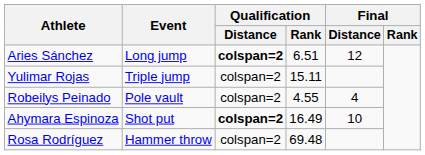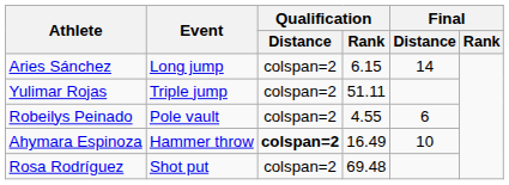 <table class=wikitable style="font-size:90%;">
 <tr>
 <th rowspan=2>Athlete</th>
 <th rowspan=2>Event</th>
 <th colspan=2>Qualification</th>
 <th colspan=2>Final</th>
 </tr>
 <tr style="font-size:95%">
 <th>Distance</th>
 <th>Rank</th>
 <th>Distance</th>
 <th>Rank</th>
 </tr>
 <tr align=center>
 <td align=left><a href='#'>Aries Sánchez</a></td>
 <td align=left><a href='#'>Long jump</a></td>
-<td><strong>colspan=2 </strong></td>
-<td>6.51</td>
-<td>12</td>
+<td>colspan=2 </td>
+<td>6.15</td>
+<td>14</td>
 </tr>
 <tr align=center>
 <td align=left><a href='#'>Yulimar Rojas</a></td>
 <td align=left><a href='#'>Triple jump</a></td>
 <td>colspan=2 </td>
-<td>15.11</td>
+<td>51.11</td>
 <td></td>
 </tr>
 <tr align=center>
 <td align=left><a href='#'>Robeilys Peinado</a></td>
 <td align=left><a href='#'>Pole vault</a></td>
 <td>colspan=2 </td>
 <td>4.55</td>
-<td>4</td>
+<td>6</td>
 </tr>
 <tr align=center>
 <td align=left><a href='#'>Ahymara Espinoza</a></td>
-<td align=left><a href='#'>Shot put</a></td>
+<td align=left><a href='#'>Hammer throw</a></td>
 <td><strong>colspan=2 </strong></td>
 <td>16.49</td>
 <td>10</td>
 </tr>
 <tr align=center>
 <td align=left><a href='#'>Rosa Rodríguez</a></td>
-<td align=left><a href='#'>Hammer throw</a></td>
+<td align=left><a href='#'>Shot put</a></td>
 <td>colspan=2 </td>
 <td>69.48</td>
 <td></td>
 </tr>
 </table>
